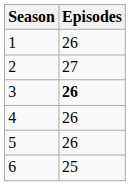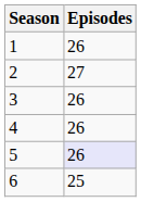 <table class="wikitable">
 <tr>
 <th>Season</th>
 <th>Episodes</th>
 </tr>
 <tr>
 <td>1</td>
 <td>26</td>
 </tr>
 <tr>
 <td>2</td>
 <td>27</td>
 </tr>
 <tr>
 <td>3</td>
-<td><strong>26</strong></td>
+<td>26</td>
 </tr>
 <tr>
 <td>4</td>
 <td>26</td>
 </tr>
 <tr>
 <td>5</td>
-<td>26</td>
+<td style="background: lavender;">26</td>
 </tr>
 <tr>
 <td>6</td>
 <td>25</td>
 </tr>
 </table>
